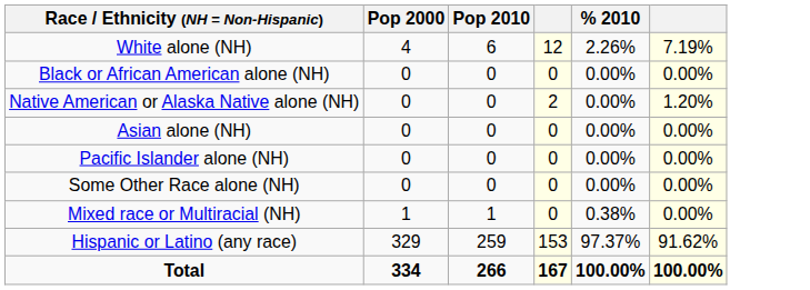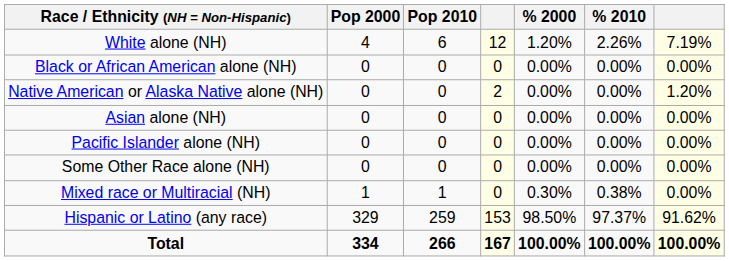 <table class="wikitable" style="text-align:center;">
 <tr>
 <th>Race / Ethnicity <small>(<em>NH = Non-Hispanic</em>)</small></th>
 <th>Pop 2000</th>
 <th>Pop 2010</th>
 <th></th>
+<th>% 2000</th>
 <th>% 2010</th>
 <th></th>
 </tr>
 <tr>
 <td><a href='#'>White</a> alone (NH)</td>
 <td>4</td>
 <td>6</td>
 <td style='background: #ffffe6;'>12</td>
+<td>1.20%</td>
 <td>2.26%</td>
 <td style='background: #ffffe6;'>7.19%</td>
 </tr>
 <tr>
 <td><a href='#'>Black or African American</a> alone (NH)</td>
 <td>0</td>
 <td>0</td>
 <td style='background: #ffffe6;'>0</td>
 <td>0.00%</td>
+<td>0.00%</td>
 <td style='background: #ffffe6;'>0.00%</td>
 </tr>
 <tr>
 <td><a href='#'>Native American</a> or <a href='#'>Alaska Native</a> alone (NH)</td>
 <td>0</td>
 <td>0</td>
 <td style='background: #ffffe6;'>2</td>
+<td>0.00%</td>
 <td>0.00%</td>
 <td style='background: #ffffe6;'>1.20%</td>
 </tr>
 <tr>
 <td><a href='#'>Asian</a> alone (NH)</td>
 <td>0</td>
 <td>0</td>
 <td style='background: #ffffe6;'>0</td>
 <td>0.00%</td>
+<td>0.00%</td>
 <td style='background: #ffffe6;'>0.00%</td>
 </tr>
 <tr>
 <td><a href='#'>Pacific Islander</a> alone (NH)</td>
 <td>0</td>
 <td>0</td>
 <td style='background: #ffffe6;'>0</td>
+<td>0.00%</td>
 <td>0.00%</td>
 <td style='background: #ffffe6;'>0.00%</td>
 </tr>
 <tr>
 <td>Some Other Race alone (NH)</td>
 <td>0</td>
 <td>0</td>
 <td style='background: #ffffe6;'>0</td>
 <td>0.00%</td>
+<td>0.00%</td>
 <td style='background: #ffffe6;'>0.00%</td>
 </tr>
 <tr>
 <td><a href='#'>Mixed race or Multiracial</a> (NH)</td>
 <td>1</td>
 <td>1</td>
 <td style='background: #ffffe6;'>0</td>
+<td>0.30%</td>
 <td>0.38%</td>
 <td style='background: #ffffe6;'>0.00%</td>
 </tr>
 <tr>
 <td><a href='#'>Hispanic or Latino</a> (any race)</td>
 <td>329</td>
 <td>259</td>
 <td style='background: #ffffe6;'>153</td>
+<td>98.50%</td>
 <td>97.37%</td>
 <td style='background: #ffffe6;'>91.62%</td>
 </tr>
 <tr>
 <td><strong>Total</strong></td>
 <td><strong>334</strong></td>
 <td><strong>266</strong></td>
 <td style='background: #ffffe6;'><strong>167</strong></td>
 <td><strong>100.00%</strong></td>
+<td><strong>100.00%</strong></td>
 <td style='background: #ffffe6;'><strong>100.00%</strong></td>
 </tr>
 </table>
